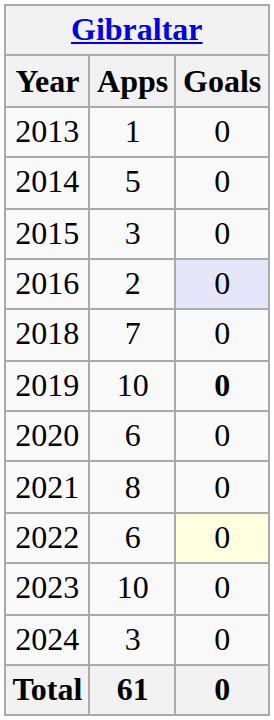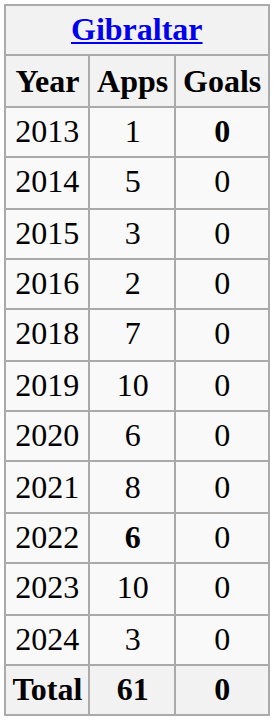 <table class="wikitable" style="text-align:center">
 <tr>
 <th colspan=3><a href='#'>Gibraltar</a></th>
 </tr>
 <tr>
 <th>Year</th>
 <th>Apps</th>
 <th>Goals</th>
 </tr>
 <tr>
 <td>2013</td>
 <td>1</td>
-<td>0</td>
+<td><strong>0</strong></td>
 </tr>
 <tr>
 <td>2014</td>
 <td>5</td>
 <td>0</td>
 </tr>
 <tr>
 <td>2015</td>
 <td>3</td>
 <td>0</td>
 </tr>
 <tr>
 <td>2016</td>
 <td>2</td>
-<td style="background: lavender;">0</td>
+<td>0</td>
 </tr>
 <tr>
 <td>2018</td>
 <td>7</td>
 <td>0</td>
 </tr>
 <tr>
 <td>2019</td>
 <td>10</td>
-<td><strong>0</strong></td>
+<td>0</td>
 </tr>
 <tr>
 <td>2020</td>
 <td>6</td>
 <td>0</td>
 </tr>
 <tr>
 <td>2021</td>
 <td>8</td>
 <td>0</td>
 </tr>
 <tr>
 <td>2022</td>
-<td>6</td>
-<td style="background: lightyellow;">0</td>
+<td><strong>6</strong></td>
+<td>0</td>
 </tr>
 <tr>
 <td>2023</td>
 <td>10</td>
 <td>0</td>
 </tr>
 <tr>
 <td>2024</td>
 <td>3</td>
 <td>0</td>
 </tr>
 <tr>
 <th>Total</th>
 <th>61</th>
 <th>0</th>
 </tr>
 </table>
